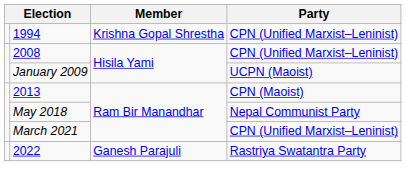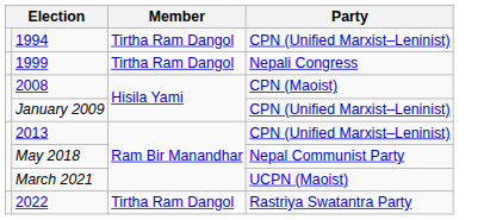 <table class="wikitable">
 <tr>
 <th colspan="2">Election</th>
 <th>Member</th>
 <th>Party</th>
 </tr>
 <tr>
 <td style="background-color:"></td>
 <td><a href='#'>1994</a></td>
-<td><a href='#'>Krishna Gopal Shrestha</a></td>
+<td><a href='#'>Tirtha Ram Dangol</a></td>
 <td><a href='#'>CPN (Unified Marxist–Leninist)</a></td>
+</tr>
+<tr>
+<td style="background-color:"></td>
+<td><a href='#'>1999</a></td>
+<td><a href='#'>Tirtha Ram Dangol</a></td>
+<td><a href='#'>Nepali Congress</a></td>
 </tr>
 <tr>
 <td rowspan="2" style="background-color:"></td>
 <td><a href='#'>2008</a></td>
 <td rowspan="2"><a href='#'>Hisila Yami</a></td>
-<td><a href='#'>CPN (Unified Marxist–Leninist)</a></td>
+<td><a href='#'>CPN (Maoist)</a></td>
 </tr>
 <tr>
 <td><em>January 2009</em></td>
-<td><a href='#'>UCPN (Maoist)</a></td>
+<td><a href='#'>CPN (Unified Marxist–Leninist)</a></td>
 </tr>
 <tr>
 <td rowspan="3" style="background-color:"></td>
 <td><a href='#'>2013</a></td>
 <td rowspan="3"><a href='#'>Ram Bir Manandhar</a></td>
-<td><a href='#'>CPN (Maoist)</a></td>
+<td><a href='#'>CPN (Unified Marxist–Leninist)</a></td>
 </tr>
 <tr>
 <td><em>May 2018</em></td>
 <td><a href='#'>Nepal Communist Party</a></td>
 </tr>
 <tr>
 <td><em>March 2021</em></td>
-<td><a href='#'>CPN (Unified Marxist–Leninist)</a></td>
+<td><a href='#'>UCPN (Maoist)</a></td>
 </tr>
 <tr>
 <td style="background-color:"></td>
 <td><a href='#'>2022</a></td>
-<td><a href='#'>Ganesh Parajuli</a></td>
+<td><a href='#'>Tirtha Ram Dangol</a></td>
 <td><a href='#'>Rastriya Swatantra Party</a></td>
 </tr>
 </table>
